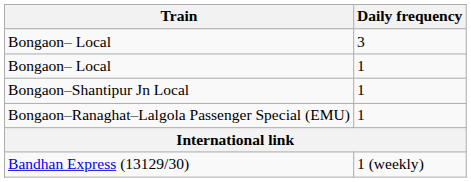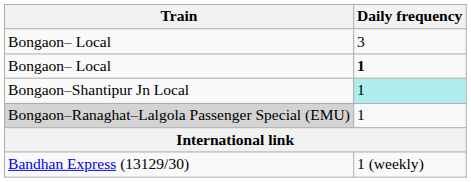 <table class="wikitable">
 <tr>
 <th>Train</th>
 <th>Daily frequency</th>
 </tr>
 <tr>
 <td>Bongaon– Local</td>
 <td>3</td>
 </tr>
 <tr>
 <td>Bongaon– Local</td>
-<td>1</td>
+<td><strong>1</strong></td>
 </tr>
 <tr>
 <td>Bongaon–Shantipur Jn Local</td>
-<td>1</td>
+<td style="background: paleturquoise;">1</td>
 </tr>
 <tr>
-<td>Bongaon–Ranaghat–Lalgola Passenger Special (EMU)</td>
+<td style="background: lightgrey;">Bongaon–Ranaghat–Lalgola Passenger Special (EMU)</td>
 <td>1</td>
 </tr>
 <tr>
 <th colspan="2">International link</th>
 </tr>
 <tr>
 <td><a href='#'>Bandhan Express</a> (13129/30)</td>
 <td>1 (weekly)</td>
 </tr>
 </table>
